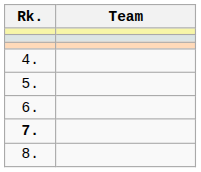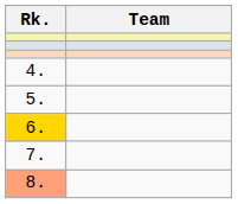 <table class="wikitable">
 <tr>
 <th width="40">Rk.</th>
 <th width="120">Team</th>
 </tr>
 <tr bgcolor="#F7F6A8">
 <td align="center"></td>
 <td><strong></strong></td>
 </tr>
 <tr bgcolor="#DCE5E5">
 <td align="center"></td>
 <td></td>
 </tr>
 <tr bgcolor="#FFDAB9">
 <td align="center"></td>
 <td></td>
 </tr>
 <tr>
 <td align="center">4.</td>
 <td></td>
 </tr>
 <tr>
 <td align="center">5.</td>
 <td></td>
 </tr>
 <tr>
-<td align="center">6.</td>
+<td align="center" style="background: gold;">6.</td>
 <td></td>
 </tr>
 <tr>
-<td align="center"><strong>7.</strong></td>
+<td align="center">7.</td>
 <td></td>
 </tr>
 <tr>
-<td align="center">8.</td>
+<td align="center" style="background: lightsalmon;">8.</td>
 <td></td>
 </tr>
 </table>
